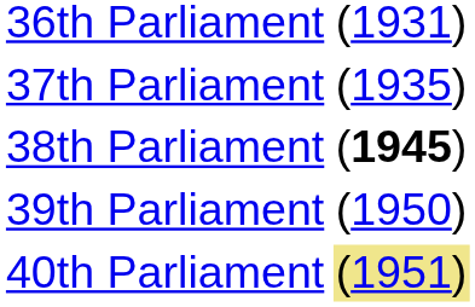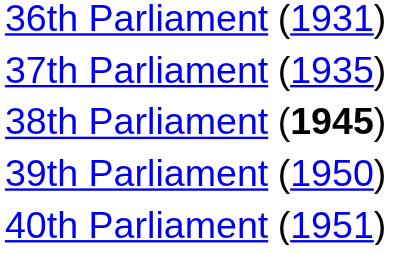 <table id=toc style="float:right">
 <tr>
 <td><a href='#'>36th Parliament</a></td>
 <td>(<a href='#'>1931</a>)</td>
 </tr>
 <tr>
 <td><a href='#'>37th Parliament</a></td>
 <td>(<a href='#'>1935</a>)</td>
 </tr>
 <tr>
 <td><a href='#'>38th Parliament</a></td>
 <td>(<strong>1945</strong>)</td>
 </tr>
 <tr>
 <td><a href='#'>39th Parliament</a></td>
 <td>(<a href='#'>1950</a>)</td>
 </tr>
 <tr>
 <td><a href='#'>40th Parliament</a></td>
-<td style="background: khaki;">(<a href='#'>1951</a>)</td>
+<td>(<a href='#'>1951</a>)</td>
 </tr>
 </table>
